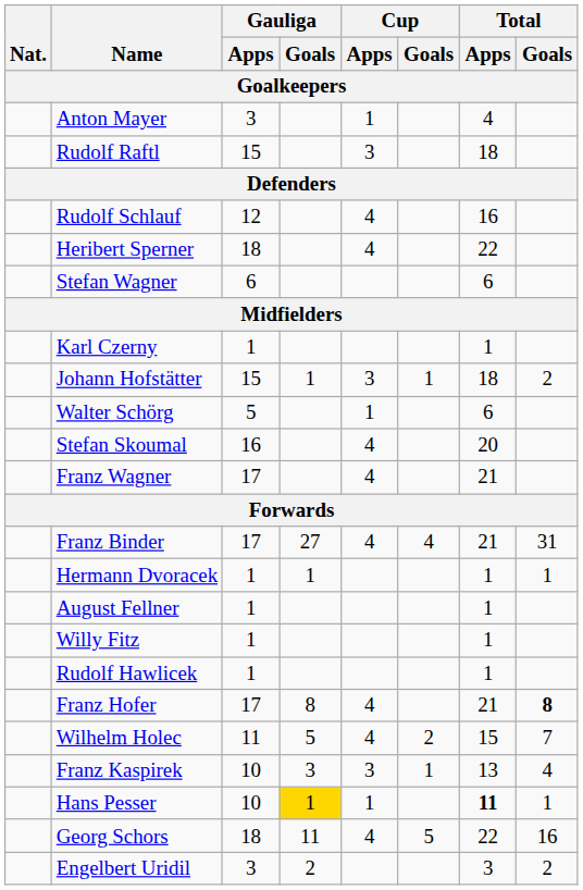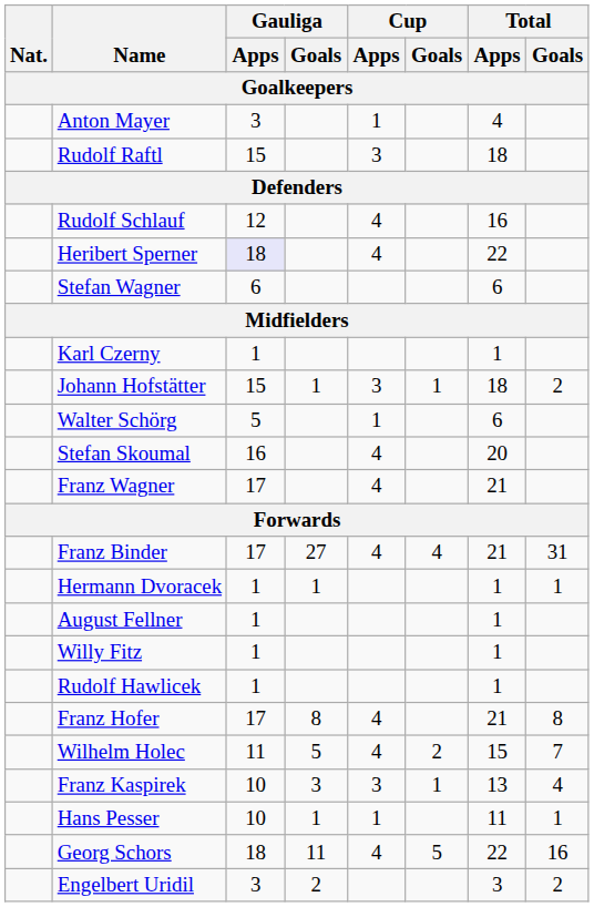 <table class="wikitable" style="text-align:center">
 <tr>
 <th rowspan="2" valign="bottom">Nat.</th>
 <th rowspan="2" valign="bottom">Name</th>
 <th colspan="2" width="85">Gauliga</th>
 <th colspan="2" width="85">Cup</th>
 <th colspan="2" width="85">Total</th>
 </tr>
 <tr>
 <th>Apps</th>
 <th>Goals</th>
 <th>Apps</th>
 <th>Goals</th>
 <th>Apps</th>
 <th>Goals</th>
 </tr>
 <tr>
 <th colspan=20>Goalkeepers</th>
 </tr>
 <tr>
 <td></td>
 <td align="left"><a href='#'>Anton Mayer</a></td>
 <td>3</td>
 <td></td>
 <td>1</td>
 <td></td>
 <td>4</td>
 <td></td>
 </tr>
 <tr>
 <td></td>
 <td align="left"><a href='#'>Rudolf Raftl</a></td>
 <td>15</td>
 <td></td>
 <td>3</td>
 <td></td>
 <td>18</td>
 <td></td>
 </tr>
 <tr>
 <th colspan=20>Defenders</th>
 </tr>
 <tr>
 <td></td>
 <td align="left"><a href='#'>Rudolf Schlauf</a></td>
 <td>12</td>
 <td></td>
 <td>4</td>
 <td></td>
 <td>16</td>
 <td></td>
 </tr>
 <tr>
 <td></td>
 <td align="left"><a href='#'>Heribert Sperner</a></td>
-<td>18</td>
+<td style="background: lavender;">18</td>
 <td></td>
 <td>4</td>
 <td></td>
 <td>22</td>
 <td></td>
 </tr>
 <tr>
 <td></td>
 <td align="left"><a href='#'>Stefan Wagner</a></td>
 <td>6</td>
 <td></td>
 <td></td>
 <td></td>
 <td>6</td>
 <td></td>
 </tr>
 <tr>
 <th colspan=20>Midfielders</th>
 </tr>
 <tr>
 <td></td>
 <td align="left"><a href='#'>Karl Czerny</a></td>
 <td>1</td>
 <td></td>
 <td></td>
 <td></td>
 <td>1</td>
 <td></td>
 </tr>
 <tr>
 <td></td>
 <td align="left"><a href='#'>Johann Hofstätter</a></td>
 <td>15</td>
 <td>1</td>
 <td>3</td>
 <td>1</td>
 <td>18</td>
 <td>2</td>
 </tr>
 <tr>
 <td></td>
 <td align="left"><a href='#'>Walter Schörg</a></td>
 <td>5</td>
 <td></td>
 <td>1</td>
 <td></td>
 <td>6</td>
 <td></td>
 </tr>
 <tr>
 <td></td>
 <td align="left"><a href='#'>Stefan Skoumal</a></td>
 <td>16</td>
 <td></td>
 <td>4</td>
 <td></td>
 <td>20</td>
 <td></td>
 </tr>
 <tr>
 <td></td>
 <td align="left"><a href='#'>Franz Wagner</a></td>
 <td>17</td>
 <td></td>
 <td>4</td>
 <td></td>
 <td>21</td>
 <td></td>
 </tr>
 <tr>
 <th colspan=20>Forwards</th>
 </tr>
 <tr>
 <td></td>
 <td align="left"><a href='#'>Franz Binder</a></td>
 <td>17</td>
 <td>27</td>
 <td>4</td>
 <td>4</td>
 <td>21</td>
 <td>31</td>
 </tr>
 <tr>
 <td></td>
 <td align="left"><a href='#'>Hermann Dvoracek</a></td>
 <td>1</td>
 <td>1</td>
 <td></td>
 <td></td>
 <td>1</td>
 <td>1</td>
 </tr>
 <tr>
 <td></td>
 <td align="left"><a href='#'>August Fellner</a></td>
 <td>1</td>
 <td></td>
 <td></td>
 <td></td>
 <td>1</td>
 <td></td>
 </tr>
 <tr>
 <td></td>
 <td align="left"><a href='#'>Willy Fitz</a></td>
 <td>1</td>
 <td></td>
 <td></td>
 <td></td>
 <td>1</td>
 <td></td>
 </tr>
 <tr>
 <td></td>
 <td align="left"><a href='#'>Rudolf Hawlicek</a></td>
 <td>1</td>
 <td></td>
 <td></td>
 <td></td>
 <td>1</td>
 <td></td>
 </tr>
 <tr>
 <td></td>
 <td align="left"><a href='#'>Franz Hofer</a></td>
 <td>17</td>
 <td>8</td>
 <td>4</td>
 <td></td>
 <td>21</td>
-<td><strong>8</strong></td>
+<td>8</td>
 </tr>
 <tr>
 <td></td>
 <td align="left"><a href='#'>Wilhelm Holec</a></td>
 <td>11</td>
 <td>5</td>
 <td>4</td>
 <td>2</td>
 <td>15</td>
 <td>7</td>
 </tr>
 <tr>
 <td></td>
 <td align="left"><a href='#'>Franz Kaspirek</a></td>
 <td>10</td>
 <td>3</td>
 <td>3</td>
 <td>1</td>
 <td>13</td>
 <td>4</td>
 </tr>
 <tr>
 <td></td>
 <td align="left"><a href='#'>Hans Pesser</a></td>
 <td>10</td>
-<td style="background: gold;">1</td>
+<td>1</td>
 <td>1</td>
 <td></td>
-<td><strong>11</strong></td>
+<td>11</td>
 <td>1</td>
 </tr>
 <tr>
 <td></td>
 <td align="left"><a href='#'>Georg Schors</a></td>
 <td>18</td>
 <td>11</td>
 <td>4</td>
 <td>5</td>
 <td>22</td>
 <td>16</td>
 </tr>
 <tr>
 <td></td>
 <td align="left"><a href='#'>Engelbert Uridil</a></td>
 <td>3</td>
 <td>2</td>
 <td></td>
 <td></td>
 <td>3</td>
 <td>2</td>
 </tr>
 </table>
